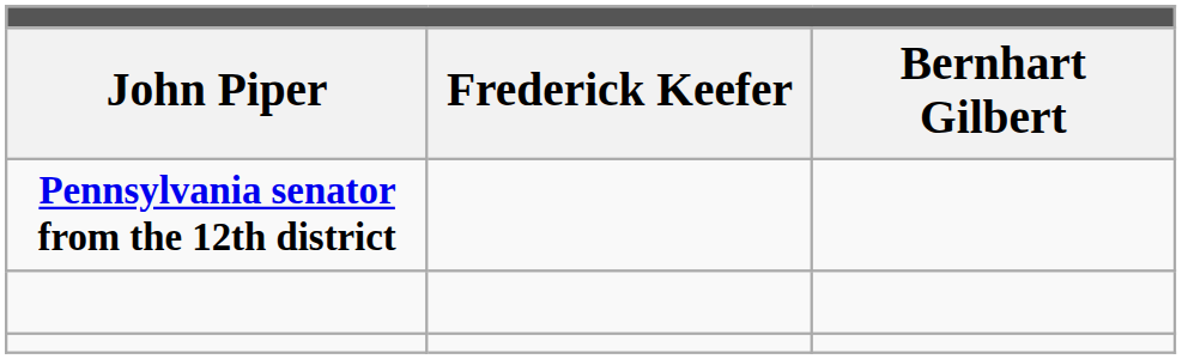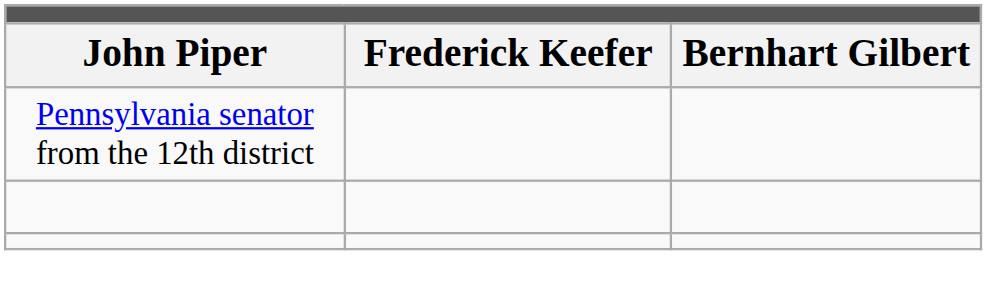 <table class="wikitable mw-collapsible mw-collapsed" style="font-size:90%">
 <tr>
 <td colspan="9" style="text-align:center; width:420px; font-size:120%; color:white; background:#555555;"><em></em></td>
 </tr>
 <tr>
 <th scope="col" style="width:3em; font-size:120%;">John Piper</th>
 <th scope="col" style="width:3em; font-size:120%;">Frederick Keefer</th>
 <th scope="col" style="width:3em; font-size:120%;">Bernhart Gilbert</th>
 </tr>
 <tr style="text-align:center">
-<td><strong><a href='#'>Pennsylvania senator</a> from the 12th district <br> </strong></td>
+<td><a href='#'>Pennsylvania senator</a> from the 12th district <br> </td>
 <td></td>
 <td></td>
 </tr>
 <tr style="text-align:center">
 <td><em></em> <br> </td>
 <td><em></em> <br> </td>
 <td><em></em> <br> </td>
 </tr>
 <tr style="text-align:center">
 <td></td>
 <td></td>
 <td></td>
 </tr>
 </table>
